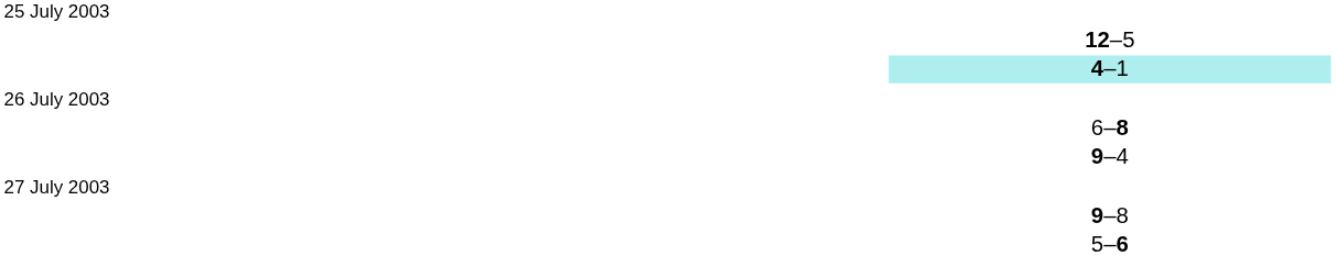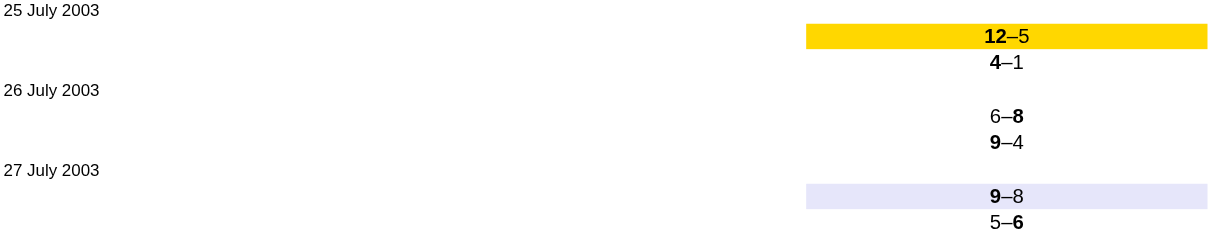 <table width=100% cellspacing=1>
 <tr>
 <th width=40%></th>
 <th width=20%></th>
 <th></th>
 </tr>
 <tr>
 <td><small>25 July 2003</small></td>
 </tr>
 <tr>
 <td align=right><strong></strong></td>
-<td align=center><strong>12</strong>–5</td>
+<td align=center style="background: gold;"><strong>12</strong>–5</td>
 <td></td>
 </tr>
 <tr>
 <td align=right><strong></strong></td>
-<td align=center style="background: paleturquoise;"><strong>4</strong>–1</td>
+<td align=center><strong>4</strong>–1</td>
 <td></td>
 </tr>
 <tr>
 <td><small>26 July 2003</small></td>
 </tr>
 <tr>
 <td align=right></td>
 <td align=center>6–<strong>8</strong></td>
 <td><strong></strong></td>
 </tr>
 <tr>
 <td align=right><strong></strong></td>
 <td align=center><strong>9</strong>–4</td>
 <td></td>
 </tr>
 <tr>
 <td><small>27 July 2003</small></td>
 </tr>
 <tr>
 <td align=right><strong></strong></td>
-<td align=center><strong>9</strong>–8</td>
+<td align=center style="background: lavender;"><strong>9</strong>–8</td>
 <td></td>
 </tr>
 <tr>
 <td align=right></td>
 <td align=center>5–<strong>6</strong></td>
 <td><strong></strong></td>
 </tr>
 </table>
